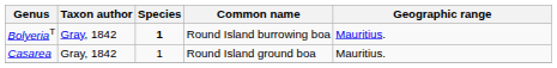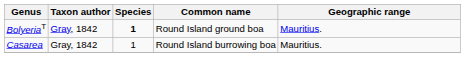 <table class="wikitable">
 <tr>
 <th>Genus</th>
 <th>Taxon author</th>
 <th>Species</th>
 <th>Common name</th>
 <th>Geographic range</th>
 </tr>
 <tr>
 <td><em><a href='#'>Bolyeria</a></em><span><sup>T</sup></span></td>
 <td><a href='#'>Gray</a>, 1842</td>
 <td align="center"><strong>1</strong></td>
-<td>Round Island burrowing boa</td>
+<td>Round Island ground boa</td>
 <td style="width:40%"><a href='#'>Mauritius</a>.</td>
 </tr>
 <tr>
 <td><em><a href='#'>Casarea</a></em></td>
 <td>Gray, 1842</td>
 <td align="center">1</td>
-<td>Round Island ground boa</td>
+<td>Round Island burrowing boa</td>
 <td>Mauritius.</td>
 </tr>
 <tr>
 </tr>
 </table>
